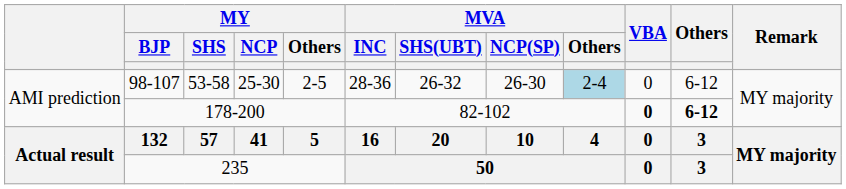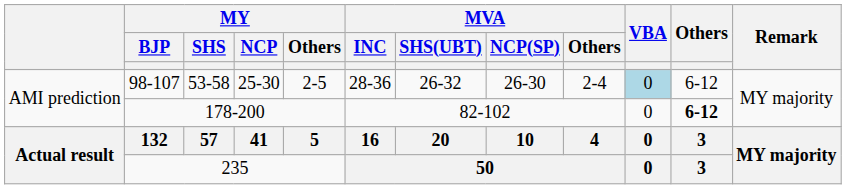 <table class="wikitable" style="text-align:center">
 <tr>
 <th rowspan="3"></th>
 <th colspan="4"><a href='#'>MY</a></th>
 <th colspan="4"><a href='#'>MVA</a></th>
 <th rowspan="2"><a href='#'>VBA</a></th>
 <th rowspan="2">Others</th>
 <th rowspan="3">Remark</th>
 </tr>
 <tr>
 <th><a href='#'>BJP</a></th>
 <th><a href='#'>SHS</a></th>
 <th><a href='#'>NCP</a></th>
 <th>Others</th>
 <th><a href='#'>INC</a></th>
 <th><a href='#'>SHS(UBT)</a></th>
 <th><a href='#'>NCP(SP)</a></th>
 <th>Others</th>
 </tr>
 <tr>
 <th style="background:"></th>
 <th style="background:"></th>
 <th style="background:"></th>
 <th style="background:"></th>
 <th style="background:"></th>
 <th style="background:"></th>
 <th style="background:"></th>
 <th style="background:"></th>
 <th style="background:"></th>
 <th style="background:"></th>
 </tr>
 <tr>
 <td rowspan="2">AMI prediction</td>
 <td>98-107</td>
 <td>53-58</td>
 <td>25-30</td>
 <td>2-5</td>
 <td>28-36</td>
 <td>26-32</td>
 <td>26-30</td>
-<td style="background: lightblue;">2-4</td>
-<td>0</td>
+<td>2-4</td>
+<td style="background: lightblue;">0</td>
 <td>6-12</td>
 <td rowspan="2">MY majority</td>
 </tr>
 <tr>
 <td colspan="4" style="background:">178-200</td>
 <td colspan="4">82-102</td>
-<td><strong>0</strong></td>
+<td>0</td>
 <td><strong>6-12</strong></td>
 </tr>
 <tr>
 <th rowspan="2">Actual result</th>
 <th>132</th>
 <th>57</th>
 <th>41</th>
 <th>5</th>
 <th>16</th>
 <th>20</th>
 <th>10</th>
 <th>4</th>
 <th>0</th>
 <th>3</th>
 <th rowspan="2">MY majority</th>
 </tr>
 <tr>
 <td colspan="4" style="background:">235</td>
 <th colspan="4">50</th>
 <th>0</th>
 <th>3</th>
 </tr>
 </table>
